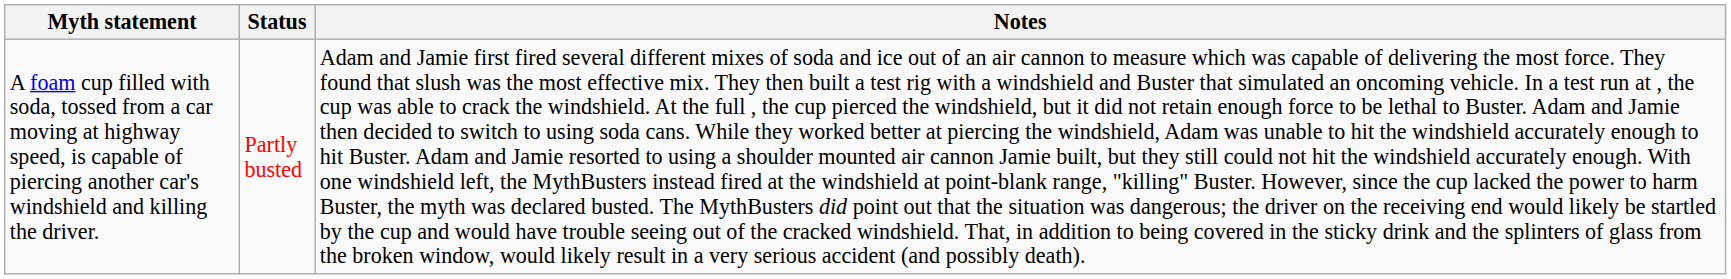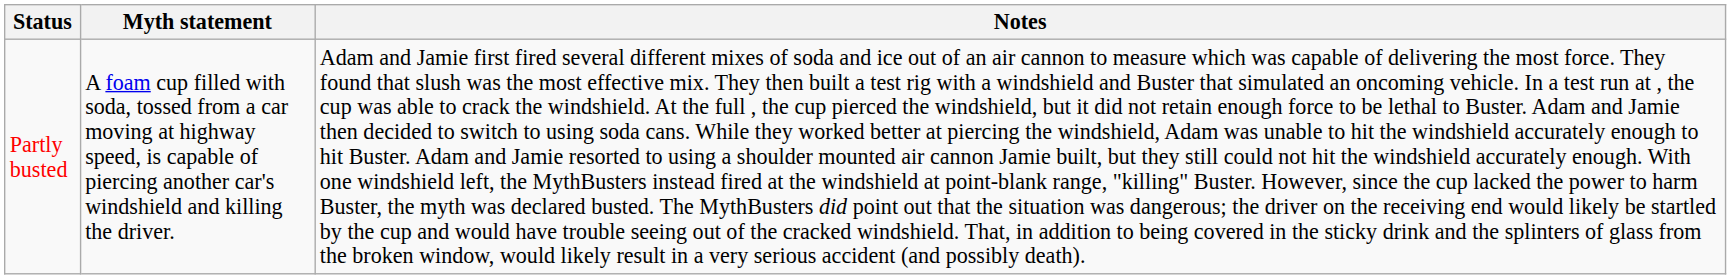 <table class="wikitable plainrowheaders">
 <tr>
+<th>Status</th>
 <th>Myth statement</th>
-<th>Status</th>
 <th>Notes</th>
 </tr>
 <tr>
+<td style="color:red">Partly busted</td>
 <td>A <a href='#'>foam</a> cup filled with soda, tossed from a car moving at highway speed, is capable of piercing another car's windshield and killing the driver.</td>
-<td style="color:red">Partly busted</td>
 <td>Adam and Jamie first fired several different mixes of soda and ice out of an air cannon to measure which was capable of delivering the most force. They found that slush was the most effective mix. They then built a test rig with a windshield and Buster that simulated an oncoming vehicle. In a test run at , the cup was able to crack the windshield. At the full , the cup pierced the windshield, but it did not retain enough force to be lethal to Buster. Adam and Jamie then decided to switch to using soda cans. While they worked better at piercing the windshield, Adam was unable to hit the windshield accurately enough to hit Buster. Adam and Jamie resorted to using a shoulder mounted air cannon Jamie built, but they still could not hit the windshield accurately enough. With one windshield left, the MythBusters instead fired at the windshield at point-blank range, "killing" Buster. However, since the cup lacked the power to harm Buster, the myth was declared busted. The MythBusters <em>did</em> point out that the situation was dangerous; the driver on the receiving end would likely be startled by the cup and would have trouble seeing out of the cracked windshield. That, in addition to being covered in the sticky drink and the splinters of glass from the broken window, would likely result in a very serious accident (and possibly death).</td>
 </tr>
 </table>
